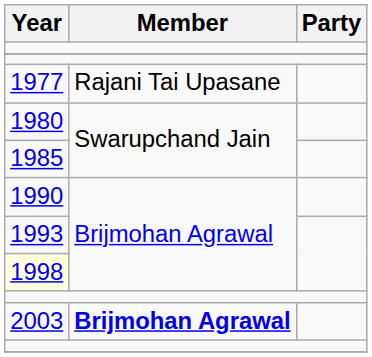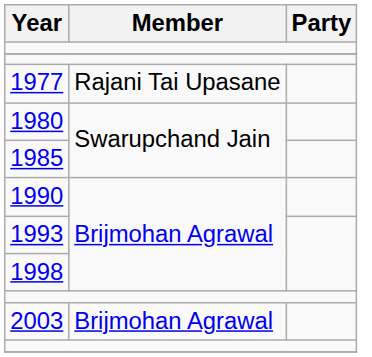 <table class="wikitable sortable">
 <tr>
 <th>Year</th>
 <th>Member</th>
 <th colspan="2">Party</th>
 </tr>
 <tr>
 <td colspan=4></td>
 </tr>
 <tr>
 </tr>
 <tr>
 <td colspan=4></td>
 </tr>
 <tr>
 <td><a href='#'>1977</a></td>
 <td>Rajani Tai Upasane</td>
 <td></td>
 </tr>
 <tr>
 <td><a href='#'>1980</a></td>
 <td rowspan="2">Swarupchand Jain</td>
 <td></td>
 </tr>
 <tr>
 <td><a href='#'>1985</a></td>
 </tr>
 <tr>
 <td><a href='#'>1990</a></td>
 <td rowspan="3"><a href='#'>Brijmohan Agrawal</a></td>
 <td></td>
 </tr>
 <tr>
 <td><a href='#'>1993</a></td>
 </tr>
 <tr>
-<td style="background: lightyellow;"><a href='#'>1998</a></td>
+<td><a href='#'>1998</a></td>
 </tr>
 <tr>
 <td colspan=4></td>
 </tr>
 <tr>
 <td><a href='#'>2003</a></td>
-<td><strong><a href='#'>Brijmohan Agrawal</a></strong></td>
+<td><a href='#'>Brijmohan Agrawal</a></td>
 <td></td>
 </tr>
 <tr>
 <td colspan=4></td>
 </tr>
 <tr>
 </tr>
 </table>
